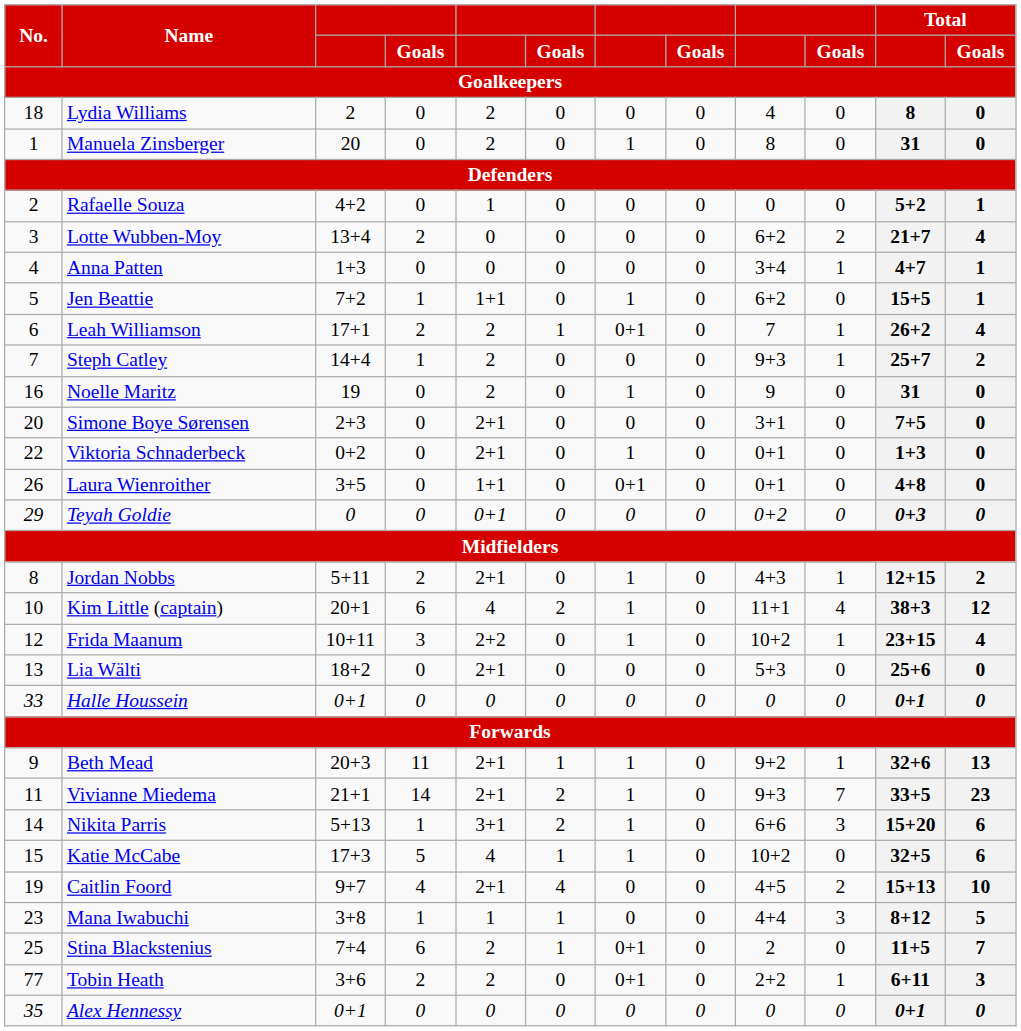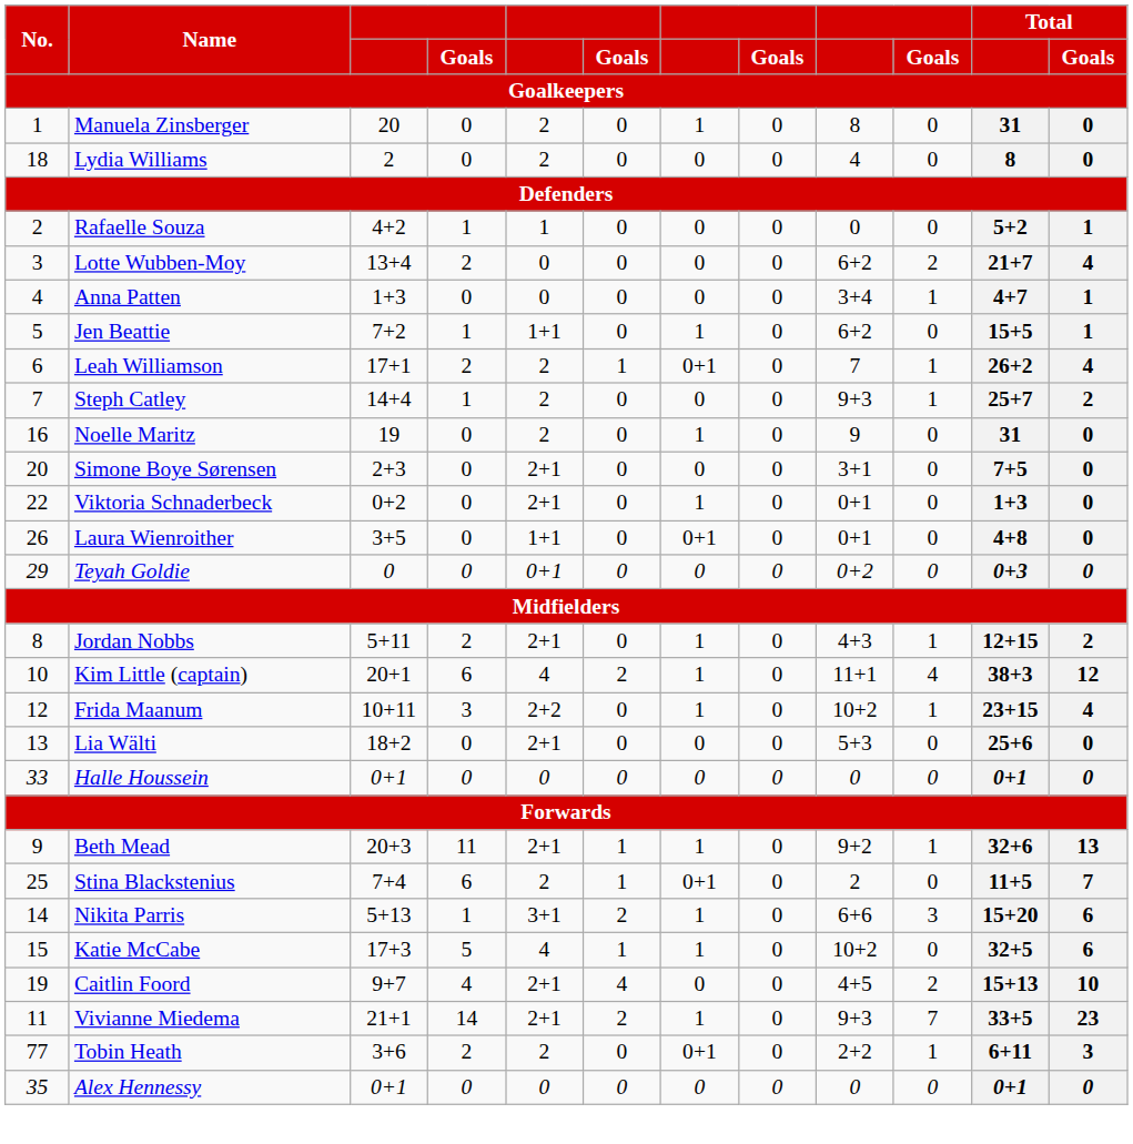 <table class="wikitable" style="text-align:center; font-size:100%; ">
 <tr>
 <th rowspan="2" style="background:#d50000; color:white; text-align:center; width:40px;">No.</th>
 <th rowspan="2" style="background:#d50000; color:white; text-align:center; width:200px;">Name</th>
 <th colspan="2" style="background:#d50000; color:white; text-align:center;"><a href='#'></a></th>
 <th colspan="2" style="background:#d50000; color:white; text-align:center;"><a href='#'></a></th>
 <th colspan="2" style="background:#d50000; color:white; text-align:center;"><a href='#'></a></th>
 <th colspan="2" style="background:#d50000; color:white; text-align:center;"><a href='#'></a></th>
 <th colspan="2" style="background:#d50000; color:white; text-align:center;">Total</th>
 </tr>
 <tr>
 <th style="background:#d50000; color:white; text-align:center; width:50px;"></th>
 <th style="background:#d50000; color:white; text-align:center; width:50px;">Goals</th>
 <th style="background:#d50000; color:white; text-align:center; width:50px;"></th>
 <th style="background:#d50000; color:white; text-align:center; width:50px;">Goals</th>
 <th style="background:#d50000; color:white; text-align:center; width:50px;"></th>
 <th style="background:#d50000; color:white; text-align:center; width:50px;">Goals</th>
 <th style="background:#d50000; color:white; text-align:center; width:50px;"></th>
 <th style="background:#d50000; color:white; text-align:center; width:50px;">Goals</th>
 <th style="background:#d50000; color:white; text-align:center; width:50px;"></th>
 <th style="background:#d50000; color:white; text-align:center; width:50px;">Goals</th>
 </tr>
 <tr>
 <th colspan="12" style="background:#d50000; color:white; text-align:center;">Goalkeepers</th>
 </tr>
 <tr>
+<td>1</td>
+<td align="left"> <a href='#'>Manuela Zinsberger</a></td>
+<td>20</td>
+<td>0</td>
+<td>2</td>
+<td>0</td>
+<td>1</td>
+<td>0</td>
+<td>8</td>
+<td>0</td>
+<th>31</th>
+<th>0</th>
+</tr>
+<tr>
 <td>18</td>
 <td align="left"> <a href='#'>Lydia Williams</a></td>
 <td>2</td>
 <td>0</td>
 <td>2</td>
 <td>0</td>
 <td>0</td>
 <td>0</td>
 <td>4</td>
 <td>0</td>
 <th>8</th>
 <th>0</th>
 </tr>
 <tr>
-<td>1</td>
-<td align="left"> <a href='#'>Manuela Zinsberger</a></td>
-<td>20</td>
-<td>0</td>
-<td>2</td>
-<td>0</td>
-<td>1</td>
-<td>0</td>
-<td>8</td>
-<td>0</td>
-<th>31</th>
-<th>0</th>
-</tr>
-<tr>
 <th colspan="12" style="background:#d50000; color:white; text-align:center;">Defenders</th>
 </tr>
 <tr>
 <td>2</td>
 <td align="left"> <a href='#'>Rafaelle Souza</a></td>
 <td>4+2</td>
-<td>0</td>
+<td>1</td>
 <td>1</td>
 <td>0</td>
 <td>0</td>
 <td>0</td>
 <td>0</td>
 <td>0</td>
 <th>5+2</th>
 <th>1</th>
 </tr>
 <tr>
 <td>3</td>
 <td align="left"> <a href='#'>Lotte Wubben-Moy</a></td>
 <td>13+4</td>
 <td>2</td>
 <td>0</td>
 <td>0</td>
 <td>0</td>
 <td>0</td>
 <td>6+2</td>
 <td>2</td>
 <th>21+7</th>
 <th>4</th>
 </tr>
 <tr>
 <td>4</td>
 <td align="left"> <a href='#'>Anna Patten</a></td>
 <td>1+3</td>
 <td>0</td>
 <td>0</td>
 <td>0</td>
 <td>0</td>
 <td>0</td>
 <td>3+4</td>
 <td>1</td>
 <th>4+7</th>
 <th>1</th>
 </tr>
 <tr>
 <td>5</td>
 <td align="left"> <a href='#'>Jen Beattie</a></td>
 <td>7+2</td>
 <td>1</td>
 <td>1+1</td>
 <td>0</td>
 <td>1</td>
 <td>0</td>
 <td>6+2</td>
 <td>0</td>
 <th>15+5</th>
 <th>1</th>
 </tr>
 <tr>
 <td>6</td>
 <td align="left"> <a href='#'>Leah Williamson</a></td>
 <td>17+1</td>
 <td>2</td>
 <td>2</td>
 <td>1</td>
 <td>0+1</td>
 <td>0</td>
 <td>7</td>
 <td>1</td>
 <th>26+2</th>
 <th>4</th>
 </tr>
 <tr>
 <td>7</td>
 <td align="left"> <a href='#'>Steph Catley</a></td>
 <td>14+4</td>
 <td>1</td>
 <td>2</td>
 <td>0</td>
 <td>0</td>
 <td>0</td>
 <td>9+3</td>
 <td>1</td>
 <th>25+7</th>
 <th>2</th>
 </tr>
 <tr>
 <td>16</td>
 <td align="left"> <a href='#'>Noelle Maritz</a></td>
 <td>19</td>
 <td>0</td>
 <td>2</td>
 <td>0</td>
 <td>1</td>
 <td>0</td>
 <td>9</td>
 <td>0</td>
 <th>31</th>
 <th>0</th>
 </tr>
 <tr>
 <td>20</td>
 <td align="left"> <a href='#'>Simone Boye Sørensen</a></td>
 <td>2+3</td>
 <td>0</td>
 <td>2+1</td>
 <td>0</td>
 <td>0</td>
 <td>0</td>
 <td>3+1</td>
 <td>0</td>
 <th>7+5</th>
 <th>0</th>
 </tr>
 <tr>
 <td>22</td>
 <td align="left"> <a href='#'>Viktoria Schnaderbeck</a></td>
 <td>0+2</td>
 <td>0</td>
 <td>2+1</td>
 <td>0</td>
 <td>1</td>
 <td>0</td>
 <td>0+1</td>
 <td>0</td>
 <th>1+3</th>
 <th>0</th>
 </tr>
 <tr>
 <td>26</td>
 <td align="left"> <a href='#'>Laura Wienroither</a></td>
 <td>3+5</td>
 <td>0</td>
 <td>1+1</td>
 <td>0</td>
 <td>0+1</td>
 <td>0</td>
 <td>0+1</td>
 <td>0</td>
 <th>4+8</th>
 <th>0</th>
 </tr>
 <tr>
 <td><em>29</em></td>
 <td align="left"><em> <a href='#'>Teyah Goldie</a></em></td>
 <td><em>0</em></td>
 <td><em>0</em></td>
 <td><em>0+1</em></td>
 <td><em>0</em></td>
 <td><em>0</em></td>
 <td><em>0</em></td>
 <td><em>0+2</em></td>
 <td><em>0</em></td>
 <th><em>0+3</em></th>
 <th><em>0</em></th>
 </tr>
 <tr>
 <th colspan="12" style="background:#d50000; color:white; text-align:center;">Midfielders</th>
 </tr>
 <tr>
 <td>8</td>
 <td align="left"> <a href='#'>Jordan Nobbs</a></td>
 <td>5+11</td>
 <td>2</td>
 <td>2+1</td>
 <td>0</td>
 <td>1</td>
 <td>0</td>
 <td>4+3</td>
 <td>1</td>
 <th>12+15</th>
 <th>2</th>
 </tr>
 <tr>
 <td>10</td>
 <td align="left"> <a href='#'>Kim Little</a> (<a href='#'>captain</a>)</td>
 <td>20+1</td>
 <td>6</td>
 <td>4</td>
 <td>2</td>
 <td>1</td>
 <td>0</td>
 <td>11+1</td>
 <td>4</td>
 <th>38+3</th>
 <th>12</th>
 </tr>
 <tr>
 <td>12</td>
 <td align="left"> <a href='#'>Frida Maanum</a></td>
 <td>10+11</td>
 <td>3</td>
 <td>2+2</td>
 <td>0</td>
 <td>1</td>
 <td>0</td>
 <td>10+2</td>
 <td>1</td>
 <th>23+15</th>
 <th>4</th>
 </tr>
 <tr>
 <td>13</td>
 <td align="left"> <a href='#'>Lia Wälti</a></td>
 <td>18+2</td>
 <td>0</td>
 <td>2+1</td>
 <td>0</td>
 <td>0</td>
 <td>0</td>
 <td>5+3</td>
 <td>0</td>
 <th>25+6</th>
 <th>0</th>
 </tr>
 <tr>
 <td><em>33</em></td>
 <td align="left"><em> <a href='#'>Halle Houssein</a></em></td>
 <td><em>0+1</em></td>
 <td><em>0</em></td>
 <td><em>0</em></td>
 <td><em>0</em></td>
 <td><em>0</em></td>
 <td><em>0</em></td>
 <td><em>0</em></td>
 <td><em>0</em></td>
 <th><em>0+1</em></th>
 <th><em>0</em></th>
 </tr>
 <tr>
 <th colspan="12" style="background:#d50000; color:white; text-align:center;">Forwards</th>
 </tr>
 <tr>
 <td>9</td>
 <td align="left"> <a href='#'>Beth Mead</a></td>
 <td>20+3</td>
 <td>11</td>
 <td>2+1</td>
 <td>1</td>
 <td>1</td>
 <td>0</td>
 <td>9+2</td>
 <td>1</td>
 <th>32+6</th>
 <th>13</th>
 </tr>
 <tr>
-<td>11</td>
-<td align="left"> <a href='#'>Vivianne Miedema</a></td>
-<td>21+1</td>
-<td>14</td>
-<td>2+1</td>
+<td>25</td>
+<td align="left"> <a href='#'>Stina Blackstenius</a></td>
+<td>7+4</td>
+<td>6</td>
 <td>2</td>
 <td>1</td>
+<td>0+1</td>
 <td>0</td>
-<td>9+3</td>
-<td>7</td>
-<th>33+5</th>
-<th>23</th>
+<td>2</td>
+<td>0</td>
+<th>11+5</th>
+<th>7</th>
 </tr>
 <tr>
 <td>14</td>
 <td align="left"> <a href='#'>Nikita Parris</a></td>
 <td>5+13</td>
 <td>1</td>
 <td>3+1</td>
 <td>2</td>
 <td>1</td>
 <td>0</td>
 <td>6+6</td>
 <td>3</td>
 <th>15+20</th>
 <th>6</th>
 </tr>
 <tr>
 <td>15</td>
 <td align="left"> <a href='#'>Katie McCabe</a></td>
 <td>17+3</td>
 <td>5</td>
 <td>4</td>
 <td>1</td>
 <td>1</td>
 <td>0</td>
 <td>10+2</td>
 <td>0</td>
 <th>32+5</th>
 <th>6</th>
 </tr>
 <tr>
 <td>19</td>
 <td align="left"> <a href='#'>Caitlin Foord</a></td>
 <td>9+7</td>
 <td>4</td>
 <td>2+1</td>
 <td>4</td>
 <td>0</td>
 <td>0</td>
 <td>4+5</td>
 <td>2</td>
 <th>15+13</th>
 <th>10</th>
 </tr>
 <tr>
-<td>23</td>
-<td align="left"> <a href='#'>Mana Iwabuchi</a></td>
-<td>3+8</td>
-<td>1</td>
-<td>1</td>
+<td>11</td>
+<td align="left"> <a href='#'>Vivianne Miedema</a></td>
+<td>21+1</td>
+<td>14</td>
+<td>2+1</td>
+<td>2</td>
 <td>1</td>
 <td>0</td>
-<td>0</td>
-<td>4+4</td>
-<td>3</td>
-<th>8+12</th>
-<th>5</th>
-</tr>
-<tr>
-<td>25</td>
-<td align="left"> <a href='#'>Stina Blackstenius</a></td>
-<td>7+4</td>
-<td>6</td>
-<td>2</td>
-<td>1</td>
-<td>0+1</td>
-<td>0</td>
-<td>2</td>
-<td>0</td>
-<th>11+5</th>
-<th>7</th>
+<td>9+3</td>
+<td>7</td>
+<th>33+5</th>
+<th>23</th>
 </tr>
 <tr>
 <td>77</td>
 <td align="left"> <a href='#'>Tobin Heath</a></td>
 <td>3+6</td>
 <td>2</td>
 <td>2</td>
 <td>0</td>
 <td>0+1</td>
 <td>0</td>
 <td>2+2</td>
 <td>1</td>
 <th>6+11</th>
 <th>3</th>
 </tr>
 <tr>
 <td><em>35</em></td>
 <td align="left"><em> <a href='#'>Alex Hennessy</a></em></td>
 <td><em>0+1</em></td>
 <td><em>0</em></td>
 <td><em>0</em></td>
 <td><em>0</em></td>
 <td><em>0</em></td>
 <td><em>0</em></td>
 <td><em>0</em></td>
 <td><em>0</em></td>
 <th><em>0+1</em></th>
 <th><em>0</em></th>
 </tr>
 </table>
